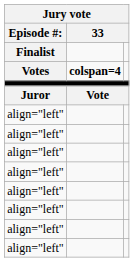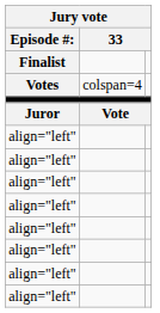 <table class="wikitable" style="text-align:center;">
 <tr>
 <th colspan=5>Jury vote</th>
 </tr>
 <tr>
 <th>Episode #:</th>
 <th colspan=4>33</th>
 </tr>
 <tr>
 <th>Finalist</th>
 <td></td>
 <td></td>
 </tr>
 <tr>
 <th>Votes</th>
-<td><strong>colspan=4 </strong></td>
+<td>colspan=4 </td>
 </tr>
 <tr>
 <td bgcolor=black colspan=5></td>
 </tr>
 <tr>
 <th>Juror</th>
 <th colspan=5>Vote</th>
 </tr>
 <tr>
 <td>align="left" </td>
 <td></td>
 <td></td>
 </tr>
 <tr>
 <td>align="left" </td>
 <td></td>
 <td></td>
 </tr>
 <tr>
 <td>align="left" </td>
 <td></td>
 <td></td>
 </tr>
 <tr>
 <td>align="left" </td>
 <td></td>
 <td></td>
 </tr>
 <tr>
 <td>align="left" </td>
 <td></td>
 <td></td>
 </tr>
 <tr>
 <td>align="left" </td>
 <td></td>
 <td></td>
 </tr>
 <tr>
 <td>align="left" </td>
 <td></td>
 <td></td>
 </tr>
 <tr>
 <td>align="left" </td>
 <td></td>
 <td></td>
 </tr>
 </table>
